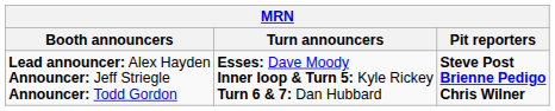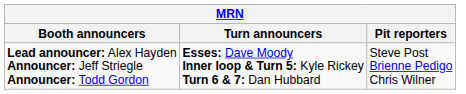 <table class="wikitable" style="font-size: 95%;">
 <tr>
 <th colspan="3"><a href='#'>MRN</a></th>
 </tr>
 <tr>
 <th>Booth announcers</th>
 <th>Turn announcers</th>
 <th>Pit reporters</th>
 </tr>
 <tr>
 <td><strong>Lead announcer:</strong> Alex Hayden<br><strong>Announcer:</strong> Jeff Striegle<br><strong>Announcer:</strong> <a href='#'>Todd Gordon</a></td>
 <td><strong>Esses:</strong> <a href='#'>Dave Moody</a> <br><strong>Inner loop & Turn 5:</strong> Kyle Rickey<br><strong>Turn 6 & 7:</strong> Dan Hubbard</td>
-<td><strong>Steve Post<br><a href='#'>Brienne Pedigo</a><br>Chris Wilner</strong></td>
+<td>Steve Post<br><a href='#'>Brienne Pedigo</a><br>Chris Wilner</td>
 </tr>
 </table>
